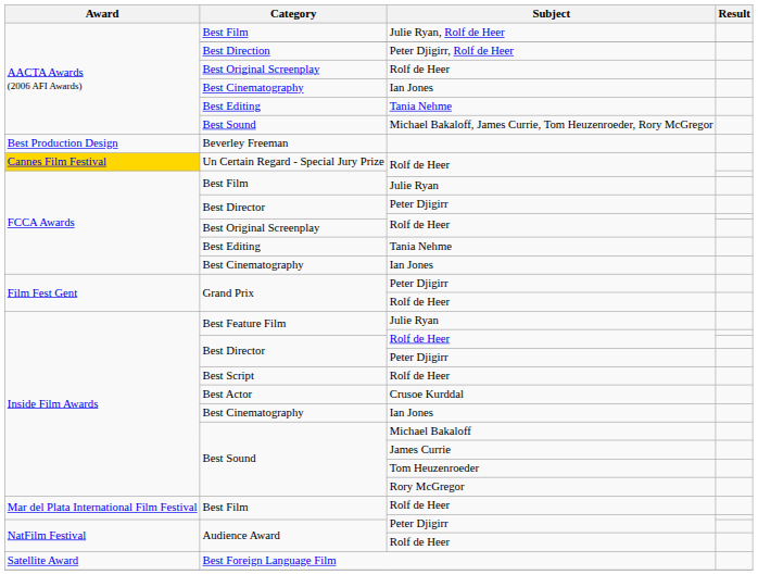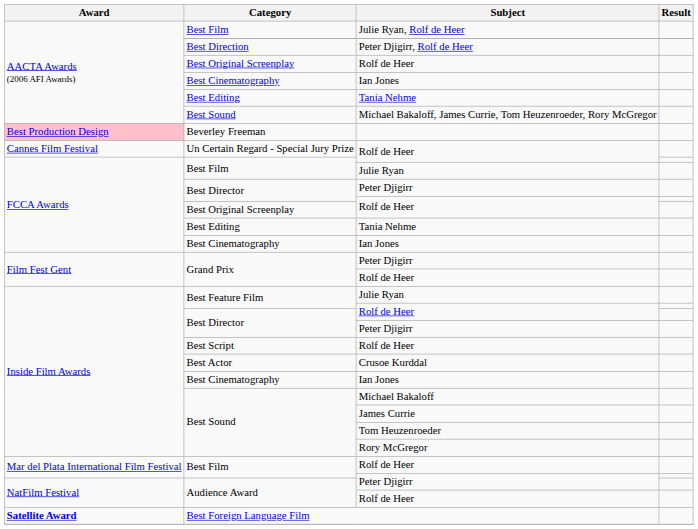 <table class="wikitable">
 <tr>
 <th>Award</th>
 <th>Category</th>
 <th>Subject</th>
 <th>Result</th>
 </tr>
 <tr>
 <td rowspan=7><a href='#'>AACTA Awards</a><br><small>(2006 AFI Awards)</small></td>
 <td><a href='#'>Best Film</a></td>
 <td>Julie Ryan, <a href='#'>Rolf de Heer</a></td>
 <td></td>
 </tr>
 <tr>
 </tr>
 <tr>
 <td><a href='#'>Best Direction</a></td>
 <td>Peter Djigirr, <a href='#'>Rolf de Heer</a></td>
 <td></td>
 </tr>
 <tr>
 <td><a href='#'>Best Original Screenplay</a></td>
 <td>Rolf de Heer</td>
 <td></td>
 </tr>
 <tr>
 <td><a href='#'>Best Cinematography</a></td>
 <td>Ian Jones</td>
 <td></td>
 </tr>
 <tr>
 <td><a href='#'>Best Editing</a></td>
 <td><a href='#'>Tania Nehme</a></td>
 <td></td>
 </tr>
 <tr>
 <td><a href='#'>Best Sound</a></td>
 <td>Michael Bakaloff, James Currie, Tom Heuzenroeder, Rory McGregor</td>
 <td></td>
 </tr>
 <tr>
-<td><a href='#'>Best Production Design</a></td>
+<td style="background: pink;"><a href='#'>Best Production Design</a></td>
 <td>Beverley Freeman</td>
 <td></td>
 </tr>
 <tr>
-<td style="background: gold;"><a href='#'>Cannes Film Festival</a></td>
+<td><a href='#'>Cannes Film Festival</a></td>
 <td>Un Certain Regard - Special Jury Prize</td>
 <td rowspan=2>Rolf de Heer</td>
 <td></td>
 </tr>
 <tr>
 <td rowspan=7><a href='#'>FCCA Awards</a></td>
 <td rowspan=2>Best Film</td>
 <td></td>
 </tr>
 <tr>
 <td>Julie Ryan</td>
 <td></td>
 </tr>
 <tr>
 <td rowspan=2>Best Director</td>
 <td>Peter Djigirr</td>
 <td></td>
 </tr>
 <tr>
 <td rowspan=2>Rolf de Heer</td>
 <td></td>
 </tr>
 <tr>
 <td>Best Original Screenplay</td>
 <td></td>
 </tr>
 <tr>
 <td>Best Editing</td>
 <td>Tania Nehme</td>
 <td></td>
 </tr>
 <tr>
 <td>Best Cinematography</td>
 <td>Ian Jones</td>
 <td></td>
 </tr>
 <tr>
 <td rowspan=2><a href='#'>Film Fest Gent</a></td>
 <td rowspan=2>Grand Prix</td>
 <td>Peter Djigirr</td>
 <td></td>
 </tr>
 <tr>
 <td>Rolf de Heer</td>
 <td></td>
 </tr>
 <tr>
 <td rowspan=11><a href='#'>Inside Film Awards</a></td>
 <td rowspan=2>Best Feature Film</td>
 <td>Julie Ryan</td>
 <td></td>
 </tr>
 <tr>
 <td rowspan=2><a href='#'>Rolf de Heer</a></td>
 <td></td>
 </tr>
 <tr>
 <td rowspan=2>Best Director</td>
 <td></td>
 </tr>
 <tr>
 <td>Peter Djigirr</td>
 <td></td>
 </tr>
 <tr>
 <td>Best Script</td>
 <td>Rolf de Heer</td>
 <td></td>
 </tr>
 <tr>
 <td>Best Actor</td>
 <td>Crusoe Kurddal</td>
 <td></td>
 </tr>
 <tr>
 <td>Best Cinematography</td>
 <td>Ian Jones</td>
 <td></td>
 </tr>
 <tr>
 <td rowspan=4>Best Sound</td>
 <td>Michael Bakaloff</td>
 <td></td>
 </tr>
 <tr>
 <td>James Currie</td>
 <td></td>
 </tr>
 <tr>
 <td>Tom Heuzenroeder</td>
 <td></td>
 </tr>
 <tr>
 <td>Rory McGregor</td>
 <td></td>
 </tr>
 <tr>
 <td rowspan=2><a href='#'>Mar del Plata International Film Festival</a></td>
 <td rowspan=2>Best Film</td>
 <td>Rolf de Heer</td>
 <td></td>
 </tr>
 <tr>
 <td rowspan=2>Peter Djigirr</td>
 <td></td>
 </tr>
 <tr>
 <td rowspan=2><a href='#'>NatFilm Festival</a></td>
 <td rowspan=2>Audience Award</td>
 <td></td>
 </tr>
 <tr>
 <td>Rolf de Heer</td>
 <td></td>
 </tr>
 <tr>
-<td><a href='#'>Satellite Award</a></td>
+<td><strong><a href='#'>Satellite Award</a></strong></td>
 <td colspan=2><a href='#'>Best Foreign Language Film</a></td>
 <td></td>
 </tr>
 <tr>
 </tr>
 </table>
